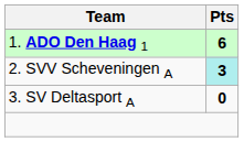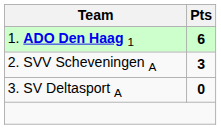 <table class="wikitable" style="text-align:center; float:left; margin-right:1em">
 <tr>
 <th style="width:200px">Team</th>
 <th width=20>Pts</th>
 </tr>
 <tr bgcolor=ccffcc>
 <td align=left>1. <strong><a href='#'>ADO Den Haag</a></strong> <sub>1</sub></td>
 <td><strong>6</strong></td>
 </tr>
 <tr>
 <td align=left>2. SVV Scheveningen <sub>A</sub></td>
-<td style="background: paleturquoise;"><strong>3</strong></td>
+<td><strong>3</strong></td>
 </tr>
 <tr>
 <td align=left>3. SV Deltasport <sub>A</sub></td>
 <td><strong>0</strong></td>
 </tr>
 <tr>
 <td colspan=2> </td>
 </tr>
 </table>
